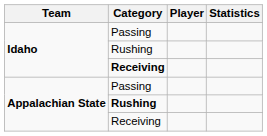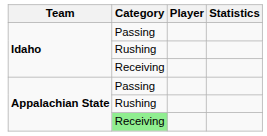 <table class="wikitable" style="float: right;">
 <tr>
 <th>Team</th>
 <th>Category</th>
 <th>Player</th>
 <th>Statistics</th>
 </tr>
 <tr>
 <td rowspan=3><strong>Idaho</strong></td>
 <td>Passing</td>
 <td></td>
 <td></td>
 </tr>
 <tr>
 <td>Rushing</td>
 <td></td>
 <td></td>
 </tr>
 <tr>
-<td><strong>Receiving</strong></td>
+<td>Receiving</td>
 <td></td>
 <td></td>
 </tr>
 <tr>
 <td rowspan=3><strong>Appalachian State</strong></td>
 <td>Passing</td>
 <td></td>
 <td></td>
 </tr>
 <tr>
-<td><strong>Rushing</strong></td>
+<td>Rushing</td>
 <td></td>
 <td></td>
 </tr>
 <tr>
-<td>Receiving</td>
+<td style="background: lightgreen;">Receiving</td>
 <td></td>
 <td></td>
 </tr>
 </table>
